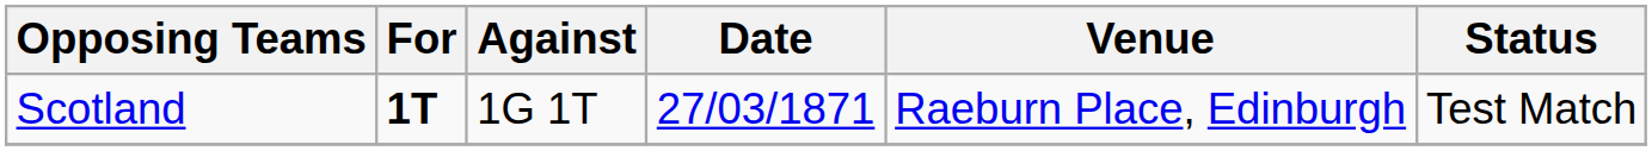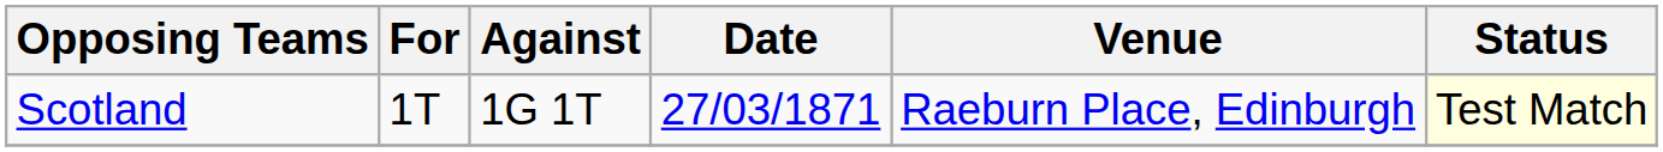 <table class="wikitable">
 <tr>
 <th>Opposing Teams</th>
 <th>For</th>
 <th>Against</th>
 <th>Date</th>
 <th>Venue</th>
 <th>Status</th>
 </tr>
 <tr>
 <td><a href='#'>Scotland</a></td>
-<td><strong>1T</strong></td>
+<td>1T</td>
 <td>1G 1T</td>
 <td><a href='#'>27/03/1871</a></td>
 <td><a href='#'>Raeburn Place</a>, <a href='#'>Edinburgh</a></td>
-<td>Test Match</td>
+<td style="background: lightyellow;">Test Match</td>
 </tr>
 <tr>
 </tr>
 </table>
